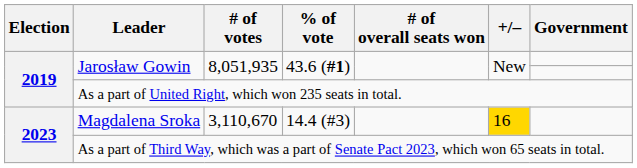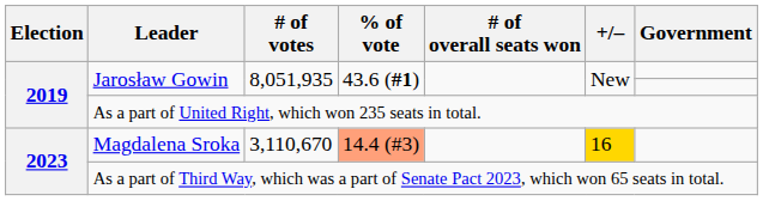 <table class=wikitable>
 <tr>
 <th>Election</th>
 <th>Leader</th>
 <th># of<br>votes</th>
 <th>% of<br>vote</th>
 <th># of<br>overall seats won</th>
 <th>+/–</th>
 <th>Government</th>
 </tr>
 <tr>
 <th rowspan="3"><a href='#'>2019</a></th>
 <td rowspan="2"><a href='#'>Jarosław Gowin</a></td>
 <td rowspan="2">8,051,935</td>
 <td rowspan="2">43.6 (<strong>#1</strong>)</td>
 <td rowspan="2"></td>
 <td rowspan="2">New</td>
 <td></td>
 </tr>
 <tr>
 <td></td>
 </tr>
 <tr>
 <td colspan="6"><small>As a part of <a href='#'>United Right</a>, which won 235 seats in total.</small></td>
 </tr>
 <tr>
 <th rowspan="2"><a href='#'>2023</a></th>
 <td><a href='#'>Magdalena Sroka</a></td>
 <td>3,110,670</td>
-<td>14.4 (#3)</td>
+<td style="background: lightsalmon;">14.4 (#3)</td>
 <td></td>
 <td style="background: gold;"> 16</td>
 <td></td>
 </tr>
 <tr>
 <td colspan="6"><small>As a part of <a href='#'>Third Way</a>, which was a part of <a href='#'>Senate Pact 2023</a>, which won 65 seats in total.</small></td>
 </tr>
 </table>
